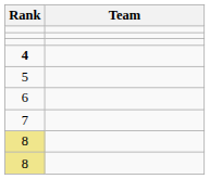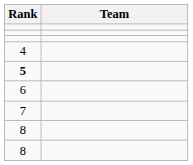 <table class="wikitable">
 <tr>
 <th width=40>Rank</th>
 <th width=180>Team</th>
 </tr>
 <tr>
 <td align=center></td>
 <td align="left"></td>
 </tr>
 <tr>
 <td align=center></td>
 <td align="left"></td>
 </tr>
 <tr>
 <td align=center></td>
 <td align="left"></td>
 </tr>
 <tr>
-<td align=center><strong>4</strong></td>
+<td align=center>4</td>
 <td align="left"></td>
 </tr>
 <tr>
-<td align=center>5</td>
+<td align=center><strong>5</strong></td>
 <td align="left"></td>
 </tr>
 <tr>
 <td align=center>6</td>
 <td align="left"></td>
 </tr>
 <tr>
 <td align=center>7</td>
 <td align="left"></td>
 </tr>
 <tr>
-<td align=center style="background: khaki;">8</td>
+<td align=center>8</td>
 <td align="left"></td>
 </tr>
 <tr>
-<td align=center style="background: khaki;">8</td>
+<td align=center>8</td>
 <td align="left"></td>
 </tr>
 </table>
